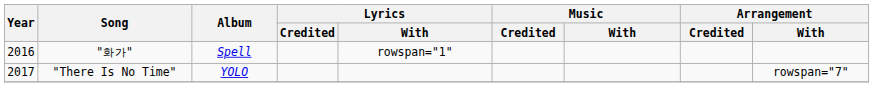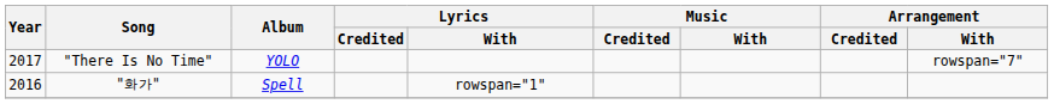 <table class="wikitable" style="text-align:center;">
 <tr>
 <th rowspan="2" style="width:2em;">Year</th>
 <th rowspan="2" style="width:13em;">Song</th>
 <th rowspan="2" style="width:7em;">Album</th>
 <th colspan="2" style="width:16em;">Lyrics</th>
 <th colspan="2" style="width:16em;">Music</th>
 <th colspan="2" style="width:16em;">Arrangement</th>
 </tr>
 <tr>
 <th style="width:4em;">Credited</th>
 <th style="width:13em;">With</th>
 <th style="width:4em;">Credited</th>
 <th style="width:8em;">With</th>
 <th style="width:4em;">Credited</th>
 <th style="width:8em;">With</th>
 </tr>
 <tr>
+<td>2017</td>
+<td>"There Is No Time" </td>
+<td><em><a href='#'>YOLO</a></em></td>
+<td></td>
+<td></td>
+<td></td>
+<td></td>
+<td></td>
+<td>rowspan="7"</td>
+</tr>
+<tr>
 <td>2016</td>
 <td>"화가"</td>
 <td><em><a href='#'>Spell</a></em></td>
 <td></td>
 <td>rowspan="1"</td>
 <td></td>
 <td></td>
 <td></td>
 <td></td>
 </tr>
 <tr>
-<td>2017</td>
-<td>"There Is No Time" </td>
-<td><em><a href='#'>YOLO</a></em></td>
-<td></td>
-<td></td>
-<td></td>
-<td></td>
-<td></td>
-<td>rowspan="7"</td>
-</tr>
-<tr>
 </tr>
 </table>
